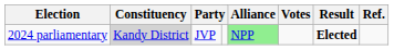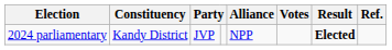 <table class="wikitable" style="text-align:left;">
 <tr>
 <th scope=col>Election</th>
 <th scope=col>Constituency</th>
 <th scope=col colspan="2">Party</th>
 <th scope=col>Alliance</th>
 <th scope=col>Votes</th>
 <th scope=col>Result</th>
 <th scope=col>Ref.</th>
 </tr>
 <tr>
 <td><a href='#'>2024 parliamentary</a></td>
-<td style="background: lightgrey;"><a href='#'>Kandy District</a></td>
+<td><a href='#'>Kandy District</a></td>
 <td><a href='#'>JVP</a></td>
 <td rowspan="8" style="background:"></td>
-<td style="background: lightgreen;"><a href='#'>NPP</a></td>
+<td><a href='#'>NPP</a></td>
 <td align=right></td>
 <td><strong>Elected</strong></td>
 <td></td>
 </tr>
 </table>
